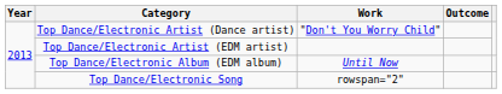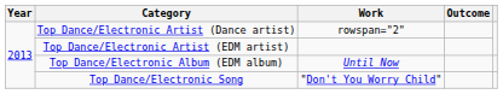 <table class="wikitable plainrowheaders" style="text-align:center;">
 <tr>
 <th>Year</th>
 <th>Category</th>
 <th>Work</th>
 <th>Outcome</th>
 <th></th>
 </tr>
 <tr>
 <td rowspan="4"><a href='#'>2013</a></td>
 <td><a href='#'>Top Dance/Electronic Artist</a> (Dance artist)</td>
-<td>"<a href='#'>Don't You Worry Child</a>"</td>
+<td>rowspan="2" </td>
 <td></td>
 <td rowspan="2"></td>
 </tr>
 <tr>
 <td><a href='#'>Top Dance/Electronic Artist</a> (EDM artist)</td>
 <td></td>
 </tr>
 <tr>
 <td><a href='#'>Top Dance/Electronic Album</a> (EDM album)</td>
 <td><em><a href='#'>Until Now</a></em></td>
 <td></td>
 <td></td>
 </tr>
 <tr>
 <td><a href='#'>Top Dance/Electronic Song</a></td>
-<td>rowspan="2" </td>
+<td>"<a href='#'>Don't You Worry Child</a>"</td>
 <td></td>
 <td></td>
 </tr>
 </table>
